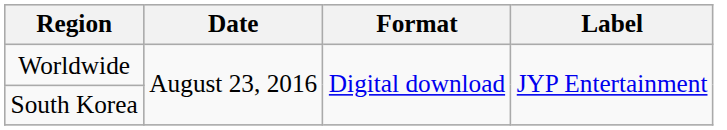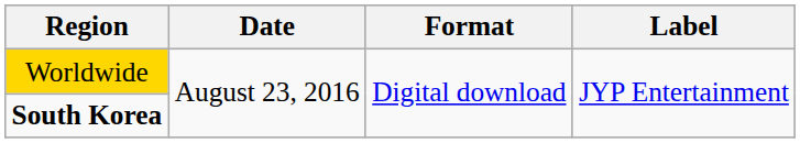 <table class="wikitable">
 <tr>
 <th style="text-align:center;">Region</th>
 <th style="text-align:center;">Date</th>
 <th style="text-align:center;">Format</th>
 <th style="text-align:center;">Label</th>
 </tr>
 <tr>
-<td style="text-align:center;">Worldwide</td>
+<td style="background: gold; text-align:center;">Worldwide</td>
 <td style="text-align:center;" rowspan=2>August 23, 2016</td>
 <td rowspan=2><a href='#'>Digital download</a></td>
 <td rowspan=2><a href='#'>JYP Entertainment</a></td>
 </tr>
 <tr>
-<td style="text-align:center;">South Korea</td>
+<td style="text-align:center;"><strong>South Korea</strong></td>
 </tr>
 </table>
